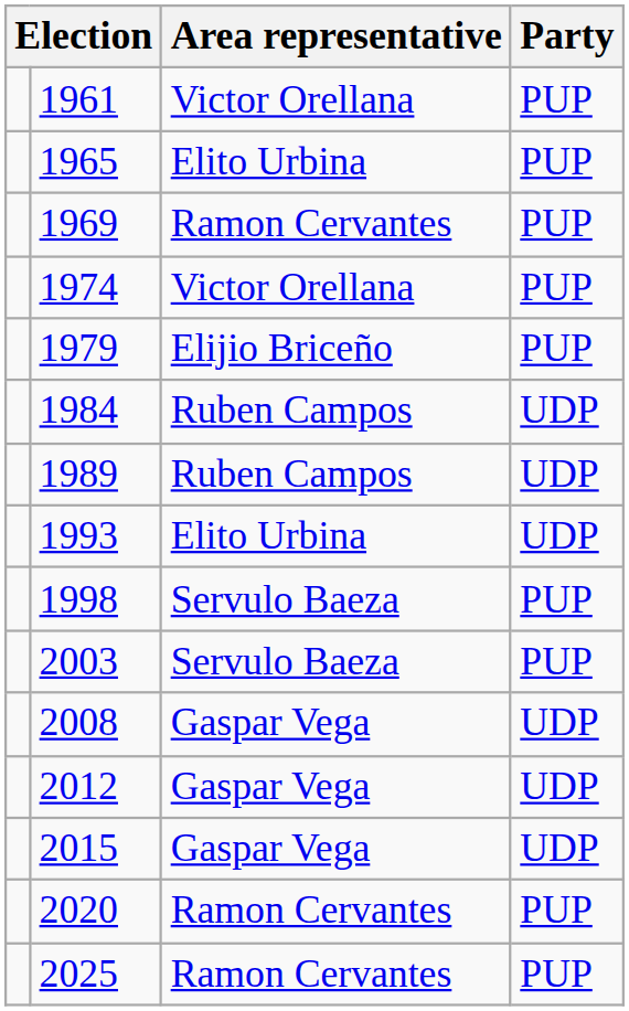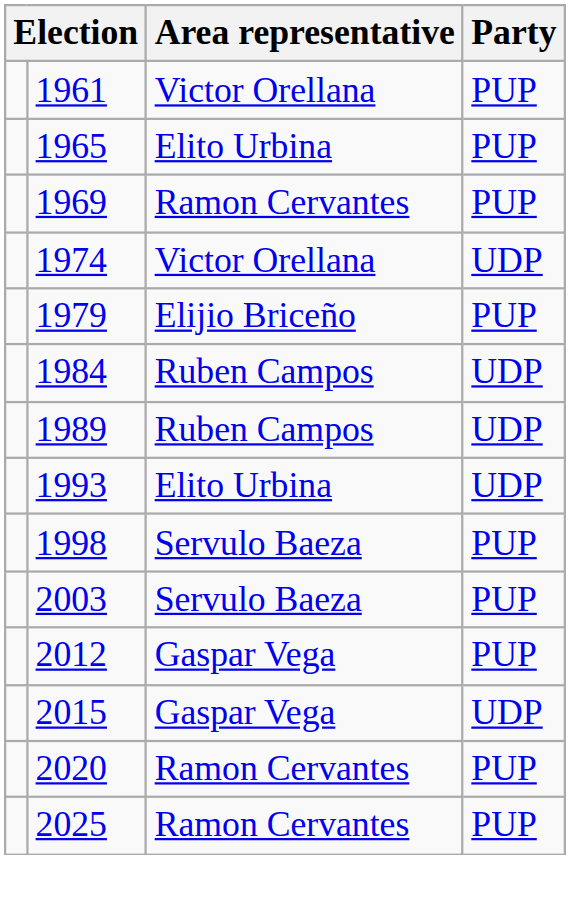 <table class="wikitable">
 <tr>
 <th colspan="2">Election</th>
 <th>Area representative</th>
 <th>Party</th>
 </tr>
 <tr>
 <td style="background-color: "></td>
 <td><a href='#'>1961</a></td>
 <td><a href='#'>Victor Orellana</a></td>
 <td><a href='#'>PUP</a></td>
 </tr>
 <tr>
 <td style="background-color: "></td>
 <td><a href='#'>1965</a></td>
 <td><a href='#'>Elito Urbina</a></td>
 <td><a href='#'>PUP</a></td>
 </tr>
 <tr>
 <td style="background-color: "></td>
 <td><a href='#'>1969</a></td>
 <td><a href='#'>Ramon Cervantes</a></td>
 <td><a href='#'>PUP</a></td>
 </tr>
 <tr>
 <td style="background-color: "></td>
 <td><a href='#'>1974</a></td>
 <td><a href='#'>Victor Orellana</a></td>
-<td><a href='#'>PUP</a></td>
+<td><a href='#'>UDP</a></td>
 </tr>
 <tr>
 <td style="background-color: "></td>
 <td><a href='#'>1979</a></td>
 <td><a href='#'>Elijio Briceño</a></td>
 <td><a href='#'>PUP</a></td>
 </tr>
 <tr>
 <td style="background-color: "></td>
 <td><a href='#'>1984</a></td>
 <td><a href='#'>Ruben Campos</a></td>
 <td><a href='#'>UDP</a></td>
 </tr>
 <tr>
 <td style="background-color: "></td>
 <td><a href='#'>1989</a></td>
 <td><a href='#'>Ruben Campos</a></td>
 <td><a href='#'>UDP</a></td>
 </tr>
 <tr>
 <td style="background-color: "></td>
 <td><a href='#'>1993</a></td>
 <td><a href='#'>Elito Urbina</a></td>
 <td><a href='#'>UDP</a></td>
 </tr>
 <tr>
 <td style="background-color: "></td>
 <td><a href='#'>1998</a></td>
 <td><a href='#'>Servulo Baeza</a></td>
 <td><a href='#'>PUP</a></td>
 </tr>
 <tr>
 <td style="background-color: "></td>
 <td><a href='#'>2003</a></td>
 <td><a href='#'>Servulo Baeza</a></td>
 <td><a href='#'>PUP</a></td>
 </tr>
 <tr>
 <td style="background-color: "></td>
-<td><a href='#'>2008</a></td>
-<td><a href='#'>Gaspar Vega</a></td>
-<td><a href='#'>UDP</a></td>
-</tr>
-<tr>
-<td style="background-color: "></td>
 <td><a href='#'>2012</a></td>
 <td><a href='#'>Gaspar Vega</a></td>
-<td><a href='#'>UDP</a></td>
+<td><a href='#'>PUP</a></td>
 </tr>
 <tr>
 <td style="background-color: "></td>
 <td><a href='#'>2015</a></td>
 <td><a href='#'>Gaspar Vega</a></td>
 <td><a href='#'>UDP</a></td>
 </tr>
 <tr>
 <td style="background-color: "></td>
 <td><a href='#'>2020</a></td>
 <td><a href='#'>Ramon Cervantes</a></td>
 <td><a href='#'>PUP</a></td>
 </tr>
 <tr>
 <td style="background-color: "></td>
 <td><a href='#'>2025</a></td>
 <td><a href='#'>Ramon Cervantes</a></td>
 <td><a href='#'>PUP</a></td>
 </tr>
 </table>
